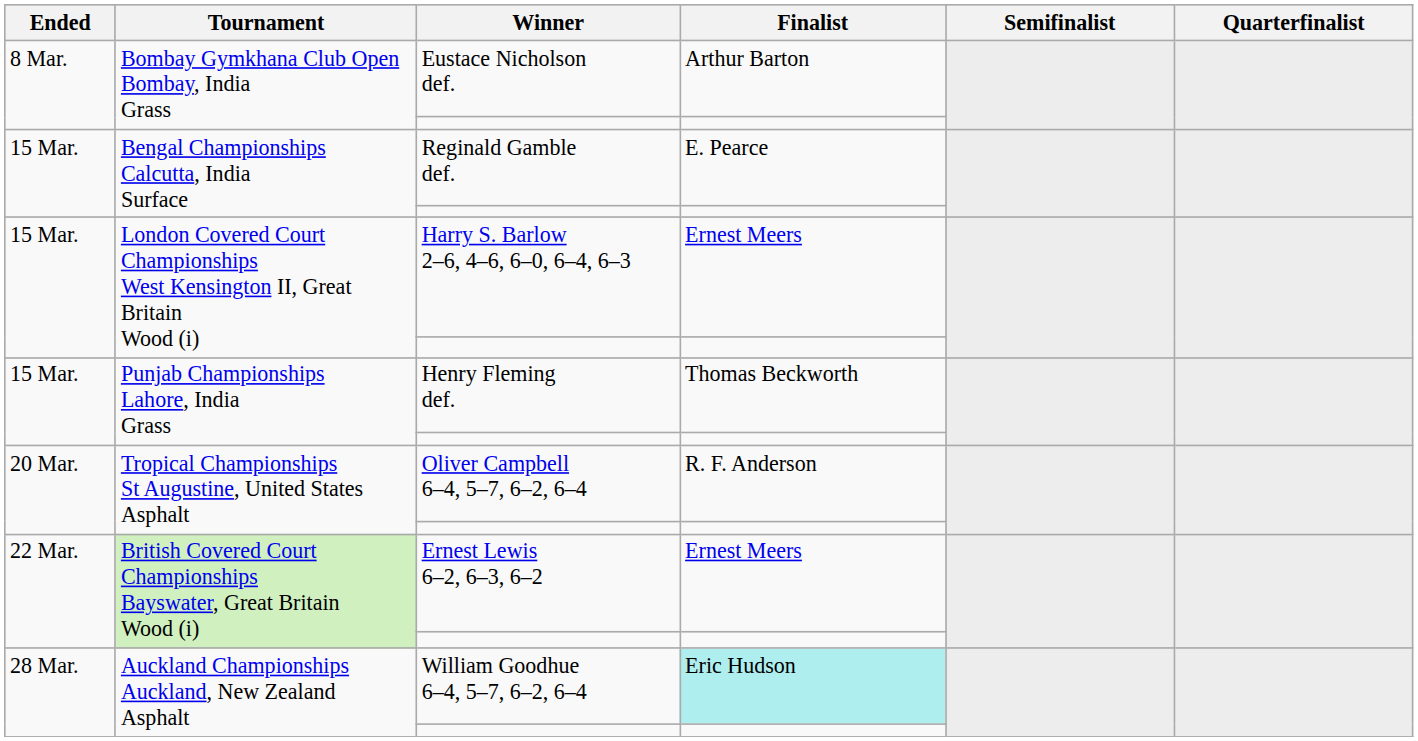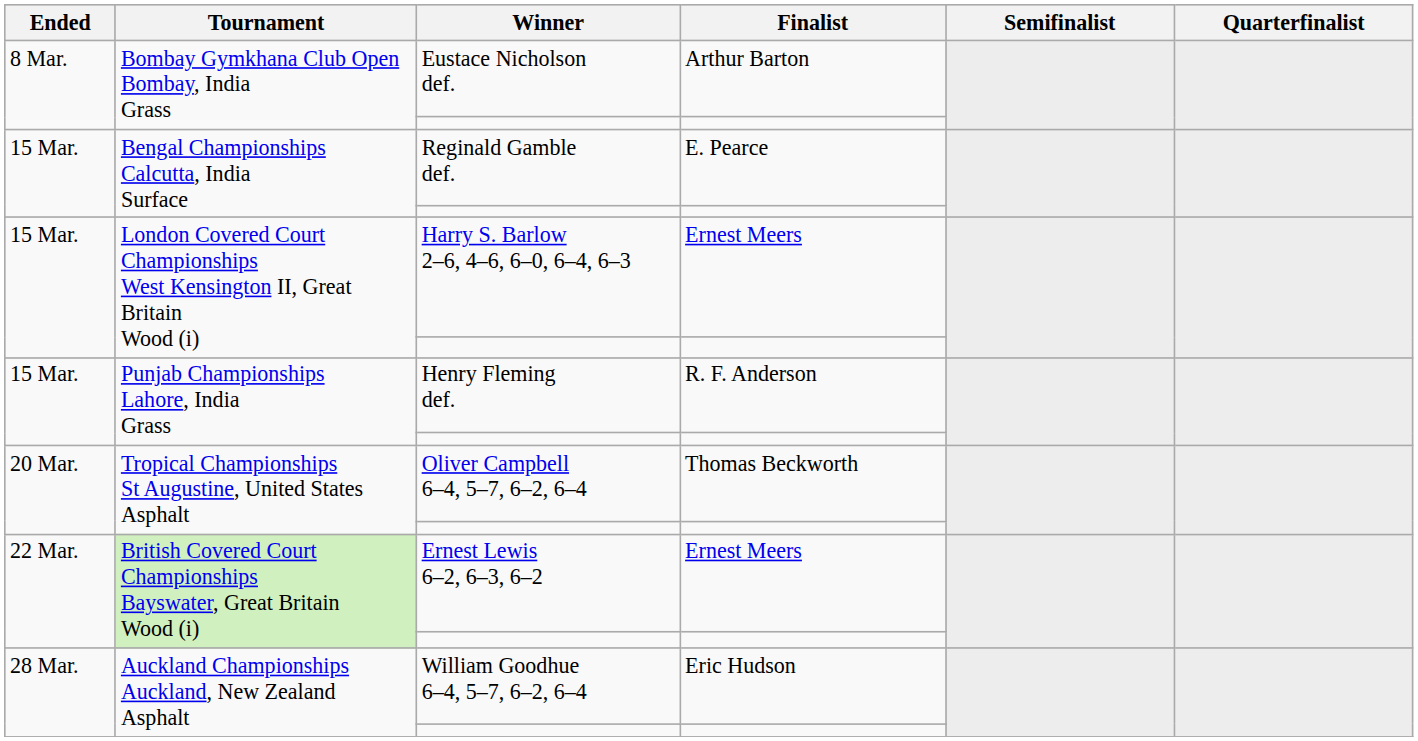 <table class="wikitable" style="font-size:85%;">
 <tr>
 <th width="75">Ended</th>
 <th width="230">Tournament</th>
 <th width="210">Winner</th>
 <th width="210">Finalist</th>
 <th width="170">Semifinalist</th>
 <th width="170">Quarterfinalist</th>
 </tr>
 <tr valign=top>
 <td rowspan=2>8 Mar.</td>
 <td rowspan=2><a href='#'>Bombay Gymkhana Club Open</a><br><a href='#'>Bombay</a>, India<br>Grass</td>
 <td> Eustace Nicholson <br>def.</td>
 <td> Arthur Barton</td>
 <td style="background:#ededed;" rowspan=2></td>
 <td style="background:#ededed;" rowspan=2></td>
 </tr>
 <tr valign=top>
 <td></td>
 <td></td>
 </tr>
 <tr valign=top>
 <td rowspan=2>15 Mar.</td>
 <td rowspan="2"><a href='#'>Bengal Championships</a><br><a href='#'>Calcutta</a>, India<br>Surface</td>
 <td>  Reginald Gamble <br>def.</td>
 <td> E. Pearce</td>
 <td style="background:#ededed;" rowspan=2></td>
 <td style="background:#ededed;" rowspan=2></td>
 </tr>
 <tr valign=top>
 <td></td>
 <td></td>
 </tr>
 <tr valign=top>
 <td rowspan=2>15 Mar.</td>
 <td rowspan=2><a href='#'>London Covered Court Championships</a><br><a href='#'>West Kensington</a> II, Great Britain<br>Wood (i)</td>
 <td> <a href='#'>Harry S. Barlow</a> <br>2–6, 4–6, 6–0, 6–4, 6–3</td>
 <td> <a href='#'>Ernest Meers</a></td>
 <td style="background:#ededed;" rowspan=2></td>
 <td style="background:#ededed;" rowspan=2></td>
 </tr>
 <tr valign=top>
 <td></td>
 <td></td>
 </tr>
 <tr valign=top>
 <td rowspan=2>15 Mar.</td>
 <td rowspan="2"><a href='#'>Punjab Championships</a><br><a href='#'>Lahore</a>, India<br>Grass</td>
 <td> Henry Fleming <br>def.</td>
-<td> Thomas Beckworth</td>
+<td> R. F. Anderson</td>
 <td style="background:#ededed;" rowspan=2></td>
 <td style="background:#ededed;" rowspan=2></td>
 </tr>
 <tr valign=top>
 <td></td>
 <td></td>
 </tr>
 <tr valign=top>
 <td rowspan=2>20 Mar.</td>
 <td rowspan="2"><a href='#'>Tropical Championships</a><br><a href='#'>St Augustine</a>, United States<br>Asphalt</td>
 <td> <a href='#'>Oliver Campbell</a><br>6–4, 5–7, 6–2, 6–4</td>
-<td> R. F. Anderson</td>
+<td> Thomas Beckworth</td>
 <td style="background:#ededed;" rowspan=2></td>
 <td style="background:#ededed;" rowspan=2></td>
 </tr>
 <tr valign=top>
 <td></td>
 <td></td>
 </tr>
 <tr valign=top>
 <td rowspan=2>22 Mar.</td>
 <td rowspan="2" style="background:#d0f0c0"><a href='#'>British Covered Court Championships</a><br><a href='#'>Bayswater</a>, Great Britain<br>Wood (i)</td>
 <td> <a href='#'>Ernest Lewis</a><br>6–2, 6–3, 6–2</td>
 <td>  <a href='#'>Ernest Meers</a></td>
 <td style="background:#ededed;" rowspan=2></td>
 <td style="background:#ededed;" rowspan=2></td>
 </tr>
 <tr valign=top>
 <td></td>
 <td></td>
 </tr>
 <tr valign=top>
 <td rowspan=2>28 Mar.</td>
 <td rowspan=2><a href='#'>Auckland Championships</a><br><a href='#'>Auckland</a>, New Zealand<br>Asphalt</td>
 <td> William Goodhue<br>6–4, 5–7, 6–2, 6–4</td>
-<td style="background: paleturquoise;"> Eric Hudson</td>
+<td> Eric Hudson</td>
 <td style="background:#ededed;" rowspan=2></td>
 <td style="background:#ededed;" rowspan=2></td>
 </tr>
 <tr valign=top>
 <td></td>
 <td></td>
 </tr>
 <tr valign=top>
 </tr>
 </table>
